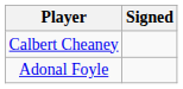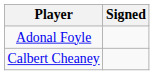 <table class="wikitable sortable sortable">
 <tr>
 <th>Player</th>
 <th>Signed</th>
 </tr>
 <tr style="text-align: center">
+<td><a href='#'>Adonal Foyle</a></td>
+<td></td>
+</tr>
+<tr style="text-align: center">
 <td><a href='#'>Calbert Cheaney</a></td>
 <td></td>
 </tr>
-<tr style="text-align: center">
-<td><a href='#'>Adonal Foyle</a></td>
-<td></td>
-</tr>
 </table>
